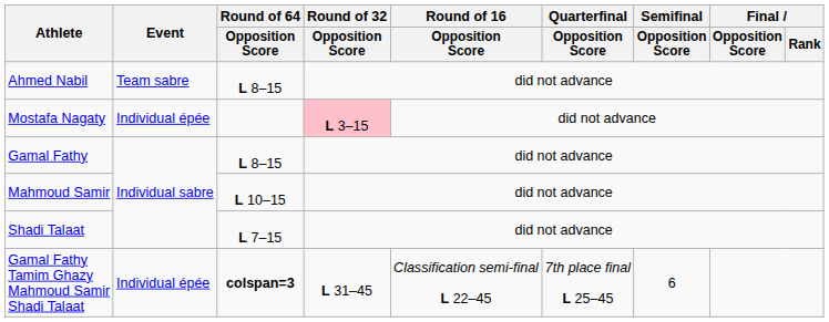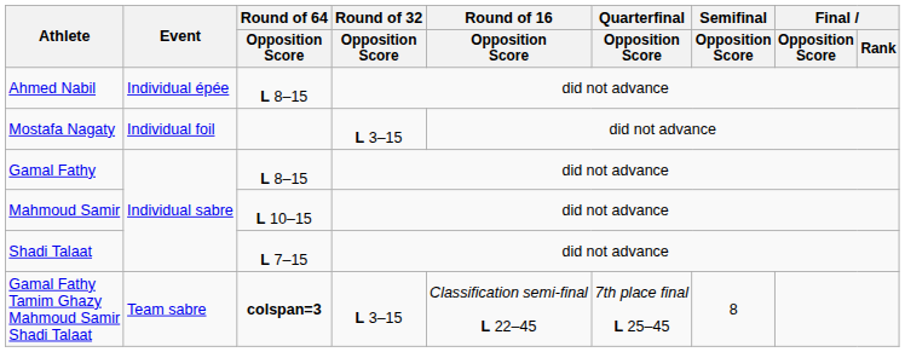 <table class="wikitable" style="font-size:90%">
 <tr>
 <th rowspan="2">Athlete</th>
 <th rowspan="2">Event</th>
 <th>Round of 64</th>
 <th>Round of 32</th>
 <th>Round of 16</th>
 <th>Quarterfinal</th>
 <th>Semifinal</th>
 <th colspan=2>Final / </th>
 </tr>
 <tr style="font-size:95%">
 <th>Opposition <br> Score</th>
 <th>Opposition <br> Score</th>
 <th>Opposition <br> Score</th>
 <th>Opposition <br> Score</th>
 <th>Opposition <br> Score</th>
 <th>Opposition <br> Score</th>
 <th>Rank</th>
 </tr>
 <tr align=center>
 <td align=left><a href='#'>Ahmed Nabil</a></td>
-<td align=left><a href='#'>Team sabre</a></td>
+<td align=left><a href='#'>Individual épée</a></td>
 <td><br><strong>L</strong> 8–15</td>
 <td colspan=6>did not advance</td>
 </tr>
 <tr align=center>
 <td align=left><a href='#'>Mostafa Nagaty</a></td>
-<td align=left><a href='#'>Individual épée</a></td>
+<td align=left><a href='#'>Individual foil</a></td>
 <td></td>
-<td style="background: pink;"><br><strong>L</strong> 3–15</td>
+<td><br><strong>L</strong> 3–15</td>
 <td colspan=5>did not advance</td>
 </tr>
 <tr align=center>
 <td align=left><a href='#'>Gamal Fathy</a></td>
 <td align=left rowspan=3><a href='#'>Individual sabre</a></td>
 <td><br><strong>L</strong> 8–15</td>
 <td colspan=6>did not advance</td>
 </tr>
 <tr align=center>
 <td align=left><a href='#'>Mahmoud Samir</a></td>
 <td><br><strong>L</strong> 10–15</td>
 <td colspan=6>did not advance</td>
 </tr>
 <tr align=center>
 <td align=left><a href='#'>Shadi Talaat</a></td>
 <td><br><strong>L</strong> 7–15</td>
 <td colspan=6>did not advance</td>
 </tr>
 <tr align=center>
 <td align=left><a href='#'>Gamal Fathy</a><br><a href='#'>Tamim Ghazy</a><br><a href='#'>Mahmoud Samir</a><br><a href='#'>Shadi Talaat</a></td>
-<td align=left><a href='#'>Individual épée</a></td>
+<td align=left><a href='#'>Team sabre</a></td>
 <td><strong>colspan=3 </strong></td>
-<td><br><strong>L</strong> 31–45</td>
+<td><br><strong>L</strong> 3–15</td>
 <td><em>Classification semi-final</em><br><br><strong>L</strong> 22–45</td>
 <td><em>7th place final</em><br><br><strong>L</strong> 25–45</td>
-<td>6</td>
+<td>8</td>
 </tr>
 </table>
